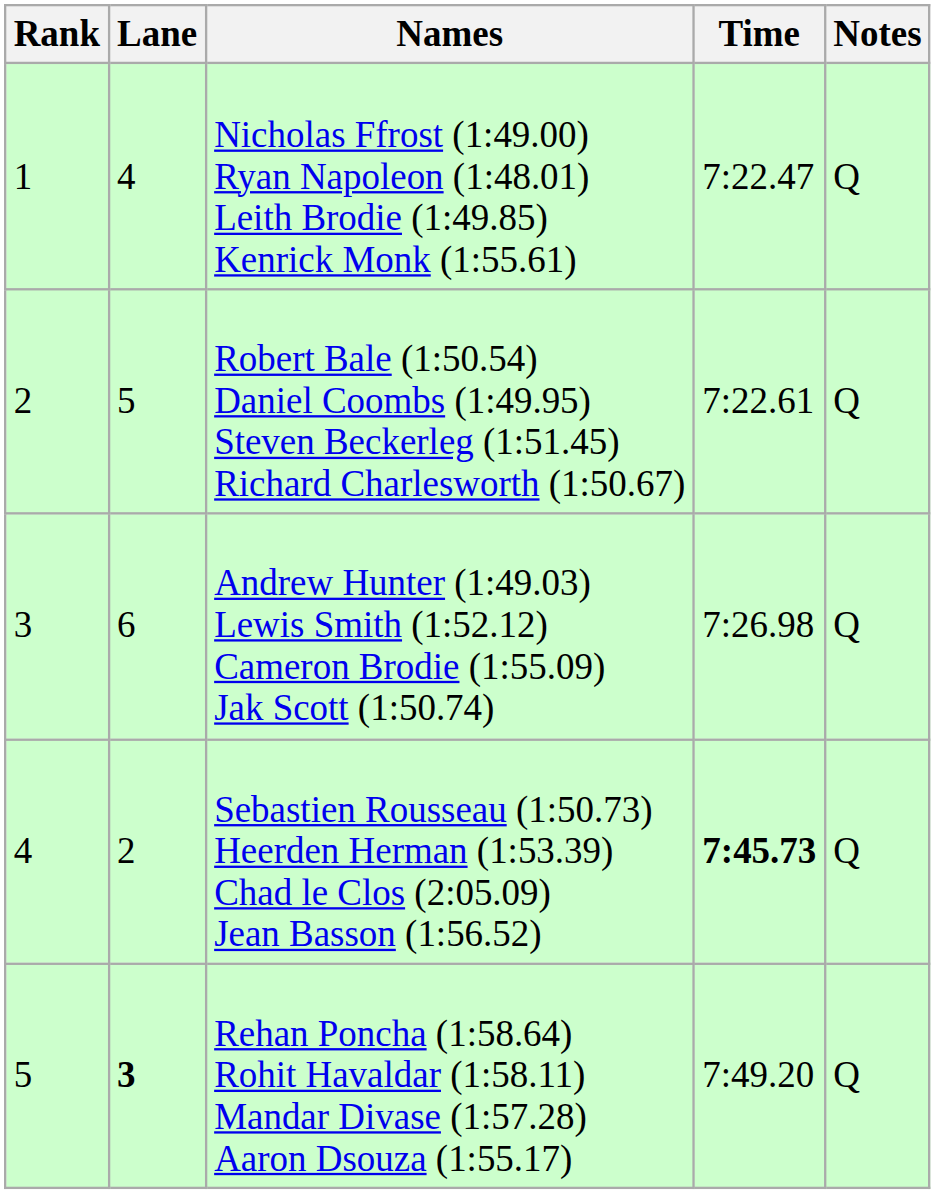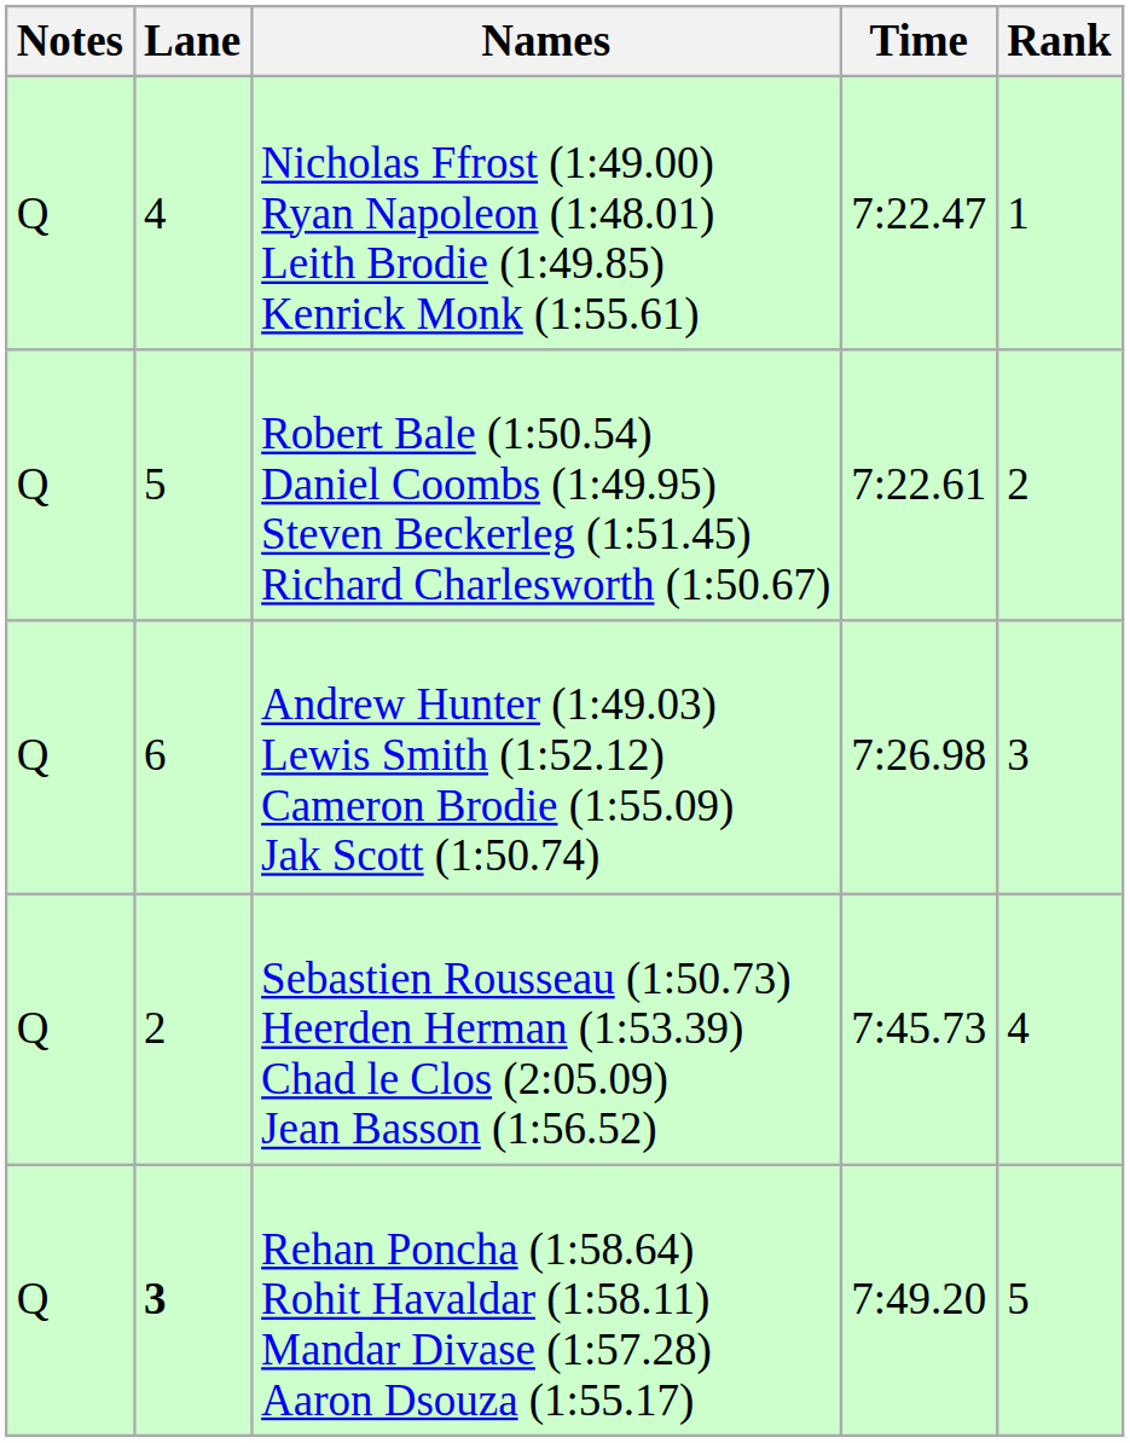 <table class="wikitable">
 <tr>
-<th>Rank</th>
+<th>Notes</th>
 <th>Lane</th>
 <th>Names</th>
 <th>Time</th>
-<th>Notes</th>
+<th>Rank</th>
 </tr>
 <tr style="background:#cfc;">
-<td>1</td>
+<td>Q</td>
 <td>4</td>
 <td><br><a href='#'>Nicholas Ffrost</a> (1:49.00)<br><a href='#'>Ryan Napoleon</a> (1:48.01)<br><a href='#'>Leith Brodie</a> (1:49.85)<br><a href='#'>Kenrick Monk</a> (1:55.61)</td>
 <td>7:22.47</td>
-<td>Q</td>
+<td>1</td>
 </tr>
 <tr style="background:#cfc;">
-<td>2</td>
+<td>Q</td>
 <td>5</td>
 <td><br><a href='#'>Robert Bale</a> (1:50.54)<br><a href='#'>Daniel Coombs</a> (1:49.95)<br><a href='#'>Steven Beckerleg</a> (1:51.45)<br><a href='#'>Richard Charlesworth</a> (1:50.67)</td>
 <td>7:22.61</td>
-<td>Q</td>
+<td>2</td>
 </tr>
 <tr style="background:#cfc;">
-<td>3</td>
+<td>Q</td>
 <td>6</td>
 <td><br><a href='#'>Andrew Hunter</a> (1:49.03)<br><a href='#'>Lewis Smith</a> (1:52.12)<br><a href='#'>Cameron Brodie</a> (1:55.09)<br><a href='#'>Jak Scott</a> (1:50.74)</td>
 <td>7:26.98</td>
-<td>Q</td>
+<td>3</td>
 </tr>
 <tr style="background:#cfc;">
-<td>4</td>
+<td>Q</td>
 <td>2</td>
 <td><br><a href='#'>Sebastien Rousseau</a> (1:50.73)<br><a href='#'>Heerden Herman</a> (1:53.39)<br><a href='#'>Chad le Clos</a> (2:05.09)<br><a href='#'>Jean Basson</a> (1:56.52)</td>
-<td><strong>7:45.73</strong></td>
-<td>Q</td>
+<td>7:45.73</td>
+<td>4</td>
 </tr>
 <tr style="background:#cfc;">
-<td>5</td>
+<td>Q</td>
 <td><strong>3</strong></td>
 <td><br><a href='#'>Rehan Poncha</a> (1:58.64)<br><a href='#'>Rohit Havaldar</a> (1:58.11)<br><a href='#'>Mandar Divase</a> (1:57.28)<br><a href='#'>Aaron Dsouza</a> (1:55.17)</td>
 <td>7:49.20</td>
-<td>Q</td>
+<td>5</td>
 </tr>
 </table>
